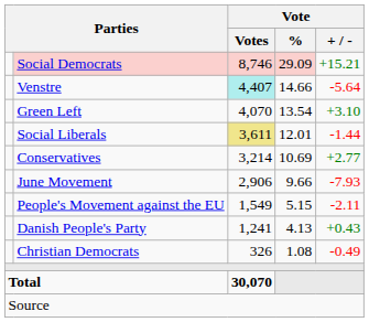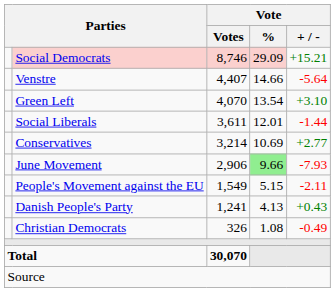 <table class="wikitable" style="text-align:right;">
 <tr>
 <th style="text-align:centre;" rowspan="2" colspan="2" width="225">Parties</th>
 <th colspan="3">Vote</th>
 </tr>
 <tr>
 <th width="15">Votes</th>
 <th width="15">%</th>
 <th width="15">+ / -</th>
 </tr>
 <tr>
 <td width="2" style="color:inherit;background:"></td>
 <td bgcolor=#fbd0ce   align="left"><a href='#'>Social Democrats</a></td>
 <td bgcolor=#fbd0ce>8,746</td>
 <td bgcolor=#fbd0ce>29.09</td>
 <td style=color:green;>+15.21</td>
 </tr>
 <tr>
 <td width="2" style="color:inherit;background:"></td>
 <td align="left"><a href='#'>Venstre</a></td>
-<td style="background: paleturquoise;">4,407</td>
+<td>4,407</td>
 <td>14.66</td>
 <td style=color:red;>-5.64</td>
 </tr>
 <tr>
 <td width="2" style="color:inherit;background:"></td>
 <td align="left"><a href='#'>Green Left</a></td>
 <td>4,070</td>
 <td>13.54</td>
 <td style=color:green;>+3.10</td>
 </tr>
 <tr>
 <td width="2" style="color:inherit;background:"></td>
 <td align="left"><a href='#'>Social Liberals</a></td>
-<td style="background: khaki;">3,611</td>
+<td>3,611</td>
 <td>12.01</td>
 <td style=color:red;>-1.44</td>
 </tr>
 <tr>
 <td width="2" style="color:inherit;background:"></td>
 <td align="left"><a href='#'>Conservatives</a></td>
 <td>3,214</td>
 <td>10.69</td>
 <td style=color:green;>+2.77</td>
 </tr>
 <tr>
 <td width="2" style="color:inherit;background:"></td>
 <td align="left"><a href='#'>June Movement</a></td>
 <td>2,906</td>
-<td>9.66</td>
+<td style="background: lightgreen;">9.66</td>
 <td style=color:red;>-7.93</td>
 </tr>
 <tr>
 <td width="2" style="color:inherit;background:"></td>
 <td align="left"><a href='#'>People's Movement against the EU</a></td>
 <td>1,549</td>
 <td>5.15</td>
 <td style=color:red;>-2.11</td>
 </tr>
 <tr>
 <td width="2" style="color:inherit;background:"></td>
 <td align="left"><a href='#'>Danish People's Party</a></td>
 <td>1,241</td>
 <td>4.13</td>
 <td style=color:green;>+0.43</td>
 </tr>
 <tr>
 <td width="2" style="color:inherit;background:"></td>
 <td align="left"><a href='#'>Christian Democrats</a></td>
 <td>326</td>
 <td>1.08</td>
 <td style=color:red;>-0.49</td>
 </tr>
 <tr>
 <td colspan="7" bgcolor="#E9E9E9"></td>
 </tr>
 <tr>
 <td align="left" colspan="2"><strong>Total</strong></td>
 <td><strong>30,070</strong></td>
 <td bgcolor="#E9E9E9" colspan="2"></td>
 </tr>
 <tr>
 <td align="left" colspan="6">Source</td>
 </tr>
 </table>
